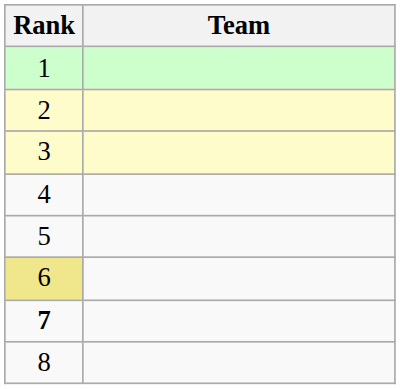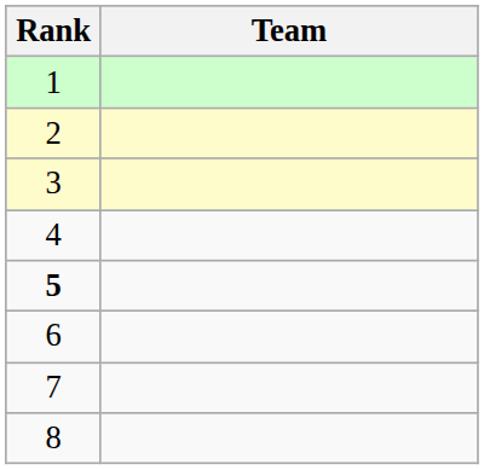 <table class="wikitable" style="text-align: center;">
 <tr>
 <th width=40>Rank</th>
 <th width=180>Team</th>
 </tr>
 <tr bgcolor=#ccffcc>
 <td>1</td>
 <td style="text-align:left;"></td>
 </tr>
 <tr bgcolor=#fffccc>
 <td>2</td>
 <td style="text-align:left;"></td>
 </tr>
 <tr bgcolor=#fffccc>
 <td>3</td>
 <td style="text-align:left;"></td>
 </tr>
 <tr>
 <td>4</td>
 <td style="text-align:left;"></td>
 </tr>
 <tr>
-<td>5</td>
+<td><strong>5</strong></td>
 <td style="text-align:left;"></td>
 </tr>
 <tr>
-<td style="background: khaki;">6</td>
+<td>6</td>
 <td style="text-align:left;"></td>
 </tr>
 <tr>
-<td><strong>7</strong></td>
+<td>7</td>
 <td style="text-align:left;"></td>
 </tr>
 <tr>
 <td>8</td>
 <td style="text-align:left;"></td>
 </tr>
 </table>
